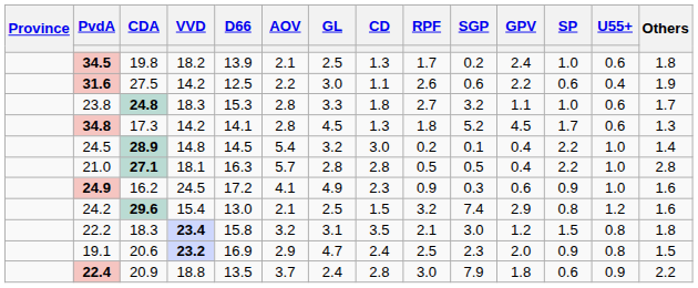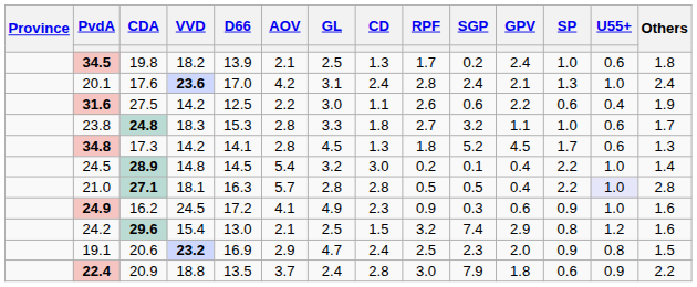 <table class="wikitable sortable" style="text-align:center;font-size:90%;line-height:14px">
 <tr style="height:40px;">
 <th rowspan="2"><a href='#'>Province</a></th>
 <th style="width:40px;"><a href='#'>PvdA</a></th>
 <th style="width:40px;"><a href='#'>CDA</a></th>
 <th style="width:40px;"><a href='#'>VVD</a></th>
 <th style="width:40px;"><a href='#'>D66</a></th>
 <th style="width:40px;"><a href='#'>AOV</a></th>
 <th style="width:40px;"><a href='#'>GL</a></th>
 <th style="width:40px;"><a href='#'>CD</a></th>
 <th style="width:40px;"><a href='#'>RPF</a></th>
 <th style="width:40px;"><a href='#'>SGP</a></th>
 <th style="width:40px;"><a href='#'>GPV</a></th>
 <th style="width:40px;"><a href='#'>SP</a></th>
 <th style="width:40px;"><a href='#'>U55+</a></th>
 <th style="width:40px;" rowspan="2">Others</th>
 </tr>
 <tr>
 <th style="background:"></th>
 <th style="background:"></th>
 <th style="background:"></th>
 <th style="background:"></th>
 <th style="background:"></th>
 <th style="background:"></th>
 <th style="background:"></th>
 <th style="background:"></th>
 <th style="background:"></th>
 <th style="background:"></th>
 <th style="background:"></th>
 <th style="background:"></th>
 </tr>
 <tr>
 <td align="left"></td>
 <td style="background:#F6C5C1;"><strong>34.5</strong></td>
 <td>19.8</td>
 <td>18.2</td>
 <td>13.9</td>
 <td>2.1</td>
 <td>2.5</td>
 <td>1.3</td>
 <td>1.7</td>
 <td>0.2</td>
 <td>2.4</td>
 <td>1.0</td>
 <td>0.6</td>
 <td>1.8</td>
+</tr>
+<tr>
+<td align="left"></td>
+<td>20.1</td>
+<td>17.6</td>
+<td style="background:#CED7FD;"><strong>23.6</strong></td>
+<td>17.0</td>
+<td>4.2</td>
+<td>3.1</td>
+<td>2.4</td>
+<td>2.8</td>
+<td>2.4</td>
+<td>2.1</td>
+<td>1.3</td>
+<td>1.0</td>
+<td>2.4</td>
 </tr>
 <tr>
 <td align="left"></td>
 <td style="background:#F6C5C1;"><strong>31.6</strong></td>
 <td>27.5</td>
 <td>14.2</td>
 <td>12.5</td>
 <td>2.2</td>
 <td>3.0</td>
 <td>1.1</td>
 <td>2.6</td>
 <td>0.6</td>
 <td>2.2</td>
 <td>0.6</td>
 <td>0.4</td>
 <td>1.9</td>
 </tr>
 <tr>
 <td align="left"></td>
 <td>23.8</td>
 <td style="background:#BADBD3;"><strong>24.8</strong></td>
 <td>18.3</td>
 <td>15.3</td>
 <td>2.8</td>
 <td>3.3</td>
 <td>1.8</td>
 <td>2.7</td>
 <td>3.2</td>
 <td>1.1</td>
 <td>1.0</td>
 <td>0.6</td>
 <td>1.7</td>
 </tr>
 <tr>
 <td align="left"></td>
 <td style="background:#F6C5C1;"><strong>34.8</strong></td>
 <td>17.3</td>
 <td>14.2</td>
 <td>14.1</td>
 <td>2.8</td>
 <td>4.5</td>
 <td>1.3</td>
 <td>1.8</td>
 <td>5.2</td>
 <td>4.5</td>
 <td>1.7</td>
 <td>0.6</td>
 <td>1.3</td>
 </tr>
 <tr>
 <td align="left"></td>
 <td>24.5</td>
 <td style="background:#BADBD3;"><strong>28.9</strong></td>
 <td>14.8</td>
 <td>14.5</td>
 <td>5.4</td>
 <td>3.2</td>
 <td>3.0</td>
 <td>0.2</td>
 <td>0.1</td>
 <td>0.4</td>
 <td>2.2</td>
 <td>1.0</td>
 <td>1.4</td>
 </tr>
 <tr>
 <td align="left"></td>
 <td>21.0</td>
 <td style="background:#BADBD3;"><strong>27.1</strong></td>
 <td>18.1</td>
 <td>16.3</td>
 <td>5.7</td>
 <td>2.8</td>
 <td>2.8</td>
 <td>0.5</td>
 <td>0.5</td>
 <td>0.4</td>
 <td>2.2</td>
-<td>1.0</td>
+<td style="background: lavender;">1.0</td>
 <td>2.8</td>
 </tr>
 <tr>
 <td align="left"></td>
 <td style="background:#F6C5C1;"><strong>24.9</strong></td>
 <td>16.2</td>
 <td>24.5</td>
 <td>17.2</td>
 <td>4.1</td>
 <td>4.9</td>
 <td>2.3</td>
 <td>0.9</td>
 <td>0.3</td>
 <td>0.6</td>
 <td>0.9</td>
 <td>1.0</td>
 <td>1.6</td>
 </tr>
 <tr>
 <td align="left"></td>
 <td>24.2</td>
 <td style="background:#BADBD3;"><strong>29.6</strong></td>
 <td>15.4</td>
 <td>13.0</td>
 <td>2.1</td>
 <td>2.5</td>
 <td>1.5</td>
 <td>3.2</td>
 <td>7.4</td>
 <td>2.9</td>
 <td>0.8</td>
 <td>1.2</td>
 <td>1.6</td>
 </tr>
 <tr>
 <td align="left"></td>
-<td>22.2</td>
-<td>18.3</td>
-<td style="background:#CED7FD;"><strong>23.4</strong></td>
-<td>15.8</td>
-<td>3.2</td>
-<td>3.1</td>
-<td>3.5</td>
-<td>2.1</td>
-<td>3.0</td>
-<td>1.2</td>
-<td>1.5</td>
-<td>0.8</td>
-<td>1.8</td>
-</tr>
-<tr>
-<td align="left"></td>
 <td>19.1</td>
 <td>20.6</td>
 <td style="background:#CED7FD;"><strong>23.2</strong></td>
 <td>16.9</td>
 <td>2.9</td>
 <td>4.7</td>
 <td>2.4</td>
 <td>2.5</td>
 <td>2.3</td>
 <td>2.0</td>
 <td>0.9</td>
 <td>0.8</td>
 <td>1.5</td>
 </tr>
 <tr>
 <td align="left"></td>
 <td style="background:#F6C5C1;"><strong>22.4</strong></td>
 <td>20.9</td>
 <td>18.8</td>
 <td>13.5</td>
 <td>3.7</td>
 <td>2.4</td>
 <td>2.8</td>
 <td>3.0</td>
 <td>7.9</td>
 <td>1.8</td>
 <td>0.6</td>
 <td>0.9</td>
 <td>2.2</td>
 </tr>
 </table>
